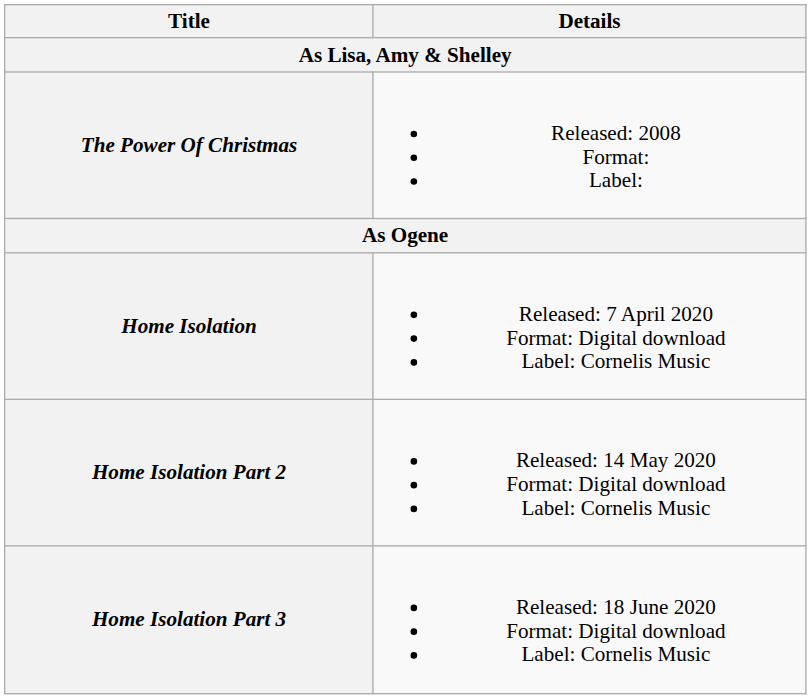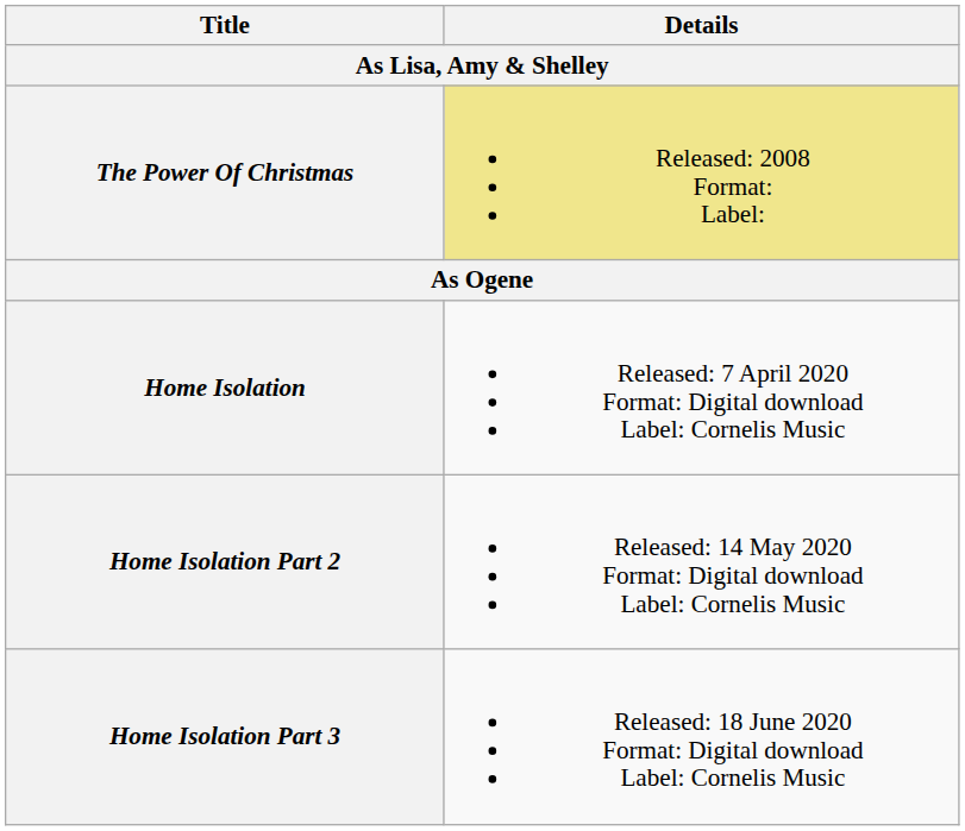 <table class="wikitable plainrowheaders" style="text-align:center;" border="1">
 <tr>
 <th scope="col" style="width:17em;">Title</th>
 <th scope="col" style="width:20em;">Details</th>
 </tr>
 <tr>
 <th scope="col" colspan="4">As Lisa, Amy & Shelley</th>
 </tr>
 <tr>
 <th scope="row"><em>The Power Of Christmas</em></th>
-<td><br><ul><li>Released: 2008</li><li>Format:</li><li>Label:</li></ul></td>
+<td style="background: khaki;"><br><ul><li>Released: 2008</li><li>Format:</li><li>Label:</li></ul></td>
 </tr>
 <tr>
 <th scope="col" colspan="4">As Ogene</th>
 </tr>
 <tr>
 <th scope="row"><em>Home Isolation</em></th>
 <td><br><ul><li>Released: 7 April 2020</li><li>Format: Digital download</li><li>Label: Cornelis Music</li></ul></td>
 </tr>
 <tr>
 <th scope="row"><em>Home Isolation Part 2</em></th>
 <td><br><ul><li>Released: 14 May 2020</li><li>Format: Digital download</li><li>Label: Cornelis Music</li></ul></td>
 </tr>
 <tr>
 <th scope="row"><em>Home Isolation Part 3</em></th>
 <td><br><ul><li>Released: 18 June 2020</li><li>Format: Digital download</li><li>Label: Cornelis Music</li></ul></td>
 </tr>
 </table>
